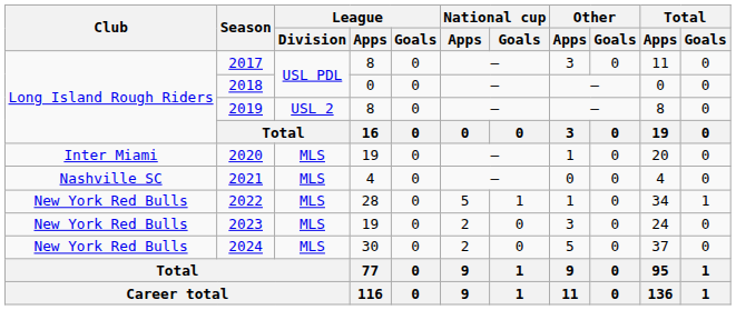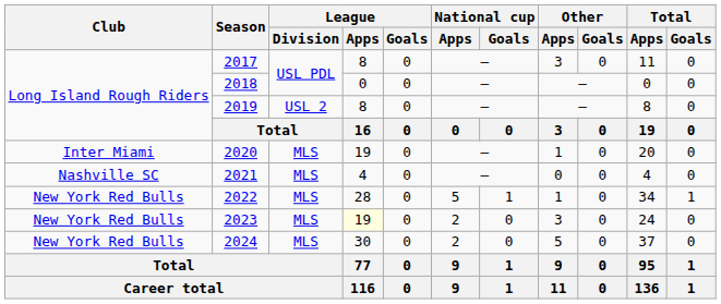 <table class="wikitable" style="text-align:center">
 <tr>
 <th rowspan="2">Club</th>
 <th rowspan="2">Season</th>
 <th colspan="3">League</th>
 <th colspan="2">National cup</th>
 <th colspan="2">Other</th>
 <th colspan="2">Total</th>
 </tr>
 <tr>
 <th>Division</th>
 <th>Apps</th>
 <th>Goals</th>
 <th>Apps</th>
 <th>Goals</th>
 <th>Apps</th>
 <th>Goals</th>
 <th>Apps</th>
 <th>Goals</th>
 </tr>
 <tr>
 <td rowspan="4"><a href='#'>Long Island Rough Riders</a></td>
 <td><a href='#'>2017</a></td>
 <td rowspan="2"><a href='#'>USL PDL</a></td>
 <td>8</td>
 <td>0</td>
 <td colspan="2">—</td>
 <td>3</td>
 <td>0</td>
 <td>11</td>
 <td>0</td>
 </tr>
 <tr>
 <td><a href='#'>2018</a></td>
 <td>0</td>
 <td>0</td>
 <td colspan="2">—</td>
 <td colspan="2">—</td>
 <td>0</td>
 <td>0</td>
 </tr>
 <tr>
 <td><a href='#'>2019</a></td>
 <td><a href='#'>USL 2</a></td>
 <td>8</td>
 <td>0</td>
 <td colspan="2">—</td>
 <td colspan="2">—</td>
 <td>8</td>
 <td>0</td>
 </tr>
 <tr>
 <th colspan="2">Total</th>
 <th>16</th>
 <th>0</th>
 <th>0</th>
 <th>0</th>
 <th>3</th>
 <th>0</th>
 <th>19</th>
 <th>0</th>
 </tr>
 <tr>
 <td><a href='#'>Inter Miami</a></td>
 <td><a href='#'>2020</a></td>
 <td><a href='#'>MLS</a></td>
 <td>19</td>
 <td>0</td>
 <td colspan="2">—</td>
 <td>1</td>
 <td>0</td>
 <td>20</td>
 <td>0</td>
 </tr>
 <tr>
 <td><a href='#'>Nashville SC</a></td>
 <td><a href='#'>2021</a></td>
 <td><a href='#'>MLS</a></td>
 <td>4</td>
 <td>0</td>
 <td colspan="2">—</td>
 <td>0</td>
 <td>0</td>
 <td>4</td>
 <td>0</td>
 </tr>
 <tr>
 <td><a href='#'>New York Red Bulls</a></td>
 <td><a href='#'>2022</a></td>
 <td><a href='#'>MLS</a></td>
 <td>28</td>
 <td>0</td>
 <td>5</td>
 <td>1</td>
 <td>1</td>
 <td>0</td>
 <td>34</td>
 <td>1</td>
 </tr>
 <tr>
 <td><a href='#'>New York Red Bulls</a></td>
 <td><a href='#'>2023</a></td>
 <td><a href='#'>MLS</a></td>
-<td>19</td>
+<td style="background: lightyellow;">19</td>
 <td>0</td>
 <td>2</td>
 <td>0</td>
 <td>3</td>
 <td>0</td>
 <td>24</td>
 <td>0</td>
 </tr>
 <tr>
 <td><a href='#'>New York Red Bulls</a></td>
 <td><a href='#'>2024</a></td>
 <td><a href='#'>MLS</a></td>
 <td>30</td>
 <td>0</td>
 <td>2</td>
 <td>0</td>
 <td>5</td>
 <td>0</td>
 <td>37</td>
 <td>0</td>
 </tr>
 <tr>
 <th colspan="3">Total</th>
 <th>77</th>
 <th>0</th>
 <th>9</th>
 <th>1</th>
 <th>9</th>
 <th>0</th>
 <th>95</th>
 <th>1</th>
 </tr>
 <tr>
 <th colspan="3">Career total</th>
 <th>116</th>
 <th>0</th>
 <th>9</th>
 <th>1</th>
 <th>11</th>
 <th>0</th>
 <th>136</th>
 <th>1</th>
 </tr>
 </table>
